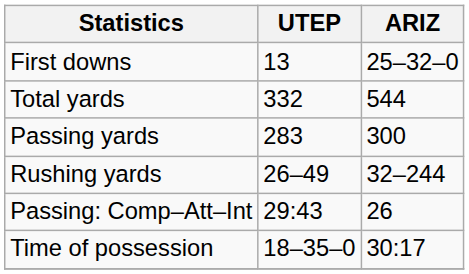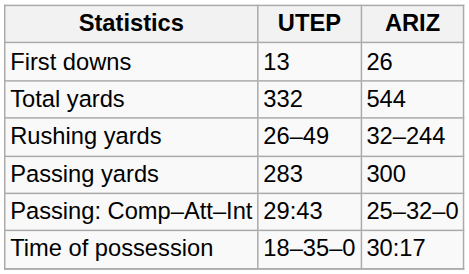 <table class="wikitable" style="float: left;">
 <tr>
 <th>Statistics</th>
 <th>UTEP</th>
 <th>ARIZ</th>
 </tr>
 <tr>
 <td>First downs</td>
 <td>13</td>
-<td>25–32–0</td>
+<td>26</td>
 </tr>
 <tr>
 <td>Total yards</td>
 <td>332</td>
 <td>544</td>
 </tr>
 <tr>
+<td>Rushing yards</td>
+<td>26–49</td>
+<td>32–244</td>
+</tr>
+<tr>
 <td>Passing yards</td>
 <td>283</td>
 <td>300</td>
 </tr>
 <tr>
-<td>Rushing yards</td>
-<td>26–49</td>
-<td>32–244</td>
-</tr>
-<tr>
 <td>Passing: Comp–Att–Int</td>
 <td>29:43</td>
-<td>26</td>
+<td>25–32–0</td>
 </tr>
 <tr>
 <td>Time of possession</td>
 <td>18–35–0</td>
 <td>30:17</td>
 </tr>
 <tr>
 </tr>
 </table>
